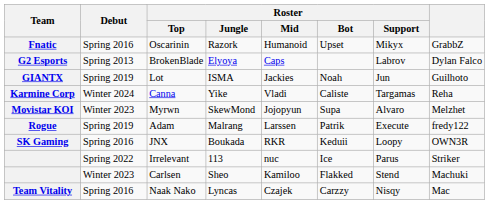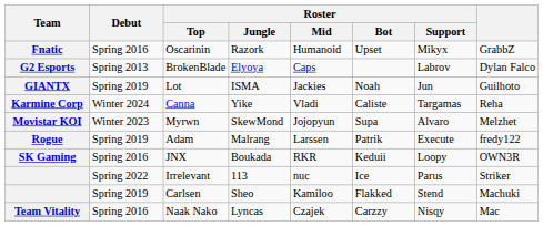 <table class="wikitable sortable plainrowheaders">
 <tr>
 <th rowspan="2" style="width:7em">Team</th>
 <th rowspan="2" style="width:6em">Debut</th>
 <th colspan="5">Roster</th>
 <th rowspan="2"></th>
 </tr>
 <tr>
 <th style="width:5em">Top</th>
 <th style="width:5em">Jungle</th>
 <th style="width:5em">Mid</th>
 <th style="width:5em">Bot</th>
 <th style="width:5em">Support</th>
 </tr>
 <tr>
 <th scope="row"><a href='#'>Fnatic</a></th>
 <td>Spring 2016</td>
 <td>Oscarinin</td>
 <td>Razork</td>
 <td>Humanoid</td>
 <td>Upset</td>
 <td>Mikyx</td>
 <td>GrabbZ</td>
 </tr>
 <tr>
 <th scope="row"><a href='#'>G2 Esports</a></th>
 <td>Spring 2013</td>
 <td>BrokenBlade</td>
 <td><a href='#'>Elyoya</a></td>
 <td><a href='#'>Caps</a></td>
 <td></td>
 <td>Labrov</td>
 <td>Dylan Falco</td>
 </tr>
 <tr>
 <th scope="row"><a href='#'>GIANTX</a></th>
 <td>Spring 2019</td>
 <td>Lot</td>
 <td>ISMA</td>
 <td>Jackies</td>
 <td>Noah</td>
 <td>Jun</td>
 <td>Guilhoto</td>
 </tr>
 <tr>
 <th scope="row"><a href='#'>Karmine Corp</a></th>
 <td>Winter 2024</td>
 <td><a href='#'>Canna</a></td>
 <td>Yike</td>
 <td>Vladi</td>
 <td>Caliste</td>
 <td>Targamas</td>
 <td>Reha</td>
 </tr>
 <tr>
 <th scope="row"><a href='#'>Movistar KOI</a></th>
 <td>Winter 2023</td>
 <td>Myrwn</td>
 <td>SkewMond</td>
 <td>Jojopyun</td>
 <td>Supa</td>
 <td>Alvaro</td>
 <td>Melzhet</td>
 </tr>
 <tr>
 <th scope="row"><a href='#'>Rogue</a></th>
 <td>Spring 2019</td>
 <td>Adam</td>
 <td>Malrang</td>
 <td>Larssen</td>
 <td>Patrik</td>
 <td>Execute</td>
 <td>fredy122</td>
 </tr>
 <tr>
 <th scope="row"><a href='#'>SK Gaming</a></th>
 <td>Spring 2016</td>
 <td>JNX</td>
 <td>Boukada</td>
 <td>RKR</td>
 <td>Keduii</td>
 <td>Loopy</td>
 <td>OWN3R</td>
 </tr>
 <tr>
 <th scope="row"></th>
 <td>Spring 2022</td>
 <td>Irrelevant</td>
 <td>113</td>
 <td>nuc</td>
 <td>Ice</td>
 <td>Parus</td>
 <td>Striker</td>
 </tr>
 <tr>
 <th scope="row"></th>
-<td>Winter 2023</td>
+<td>Spring 2019</td>
 <td>Carlsen</td>
 <td>Sheo</td>
 <td>Kamiloo</td>
 <td>Flakked</td>
 <td>Stend</td>
 <td>Machuki</td>
 </tr>
 <tr>
 <th scope="row"><a href='#'>Team Vitality</a></th>
 <td>Spring 2016</td>
 <td>Naak Nako</td>
 <td>Lyncas</td>
 <td>Czajek</td>
 <td>Carzzy</td>
 <td>Nisqy</td>
 <td>Mac</td>
 </tr>
 </table>
